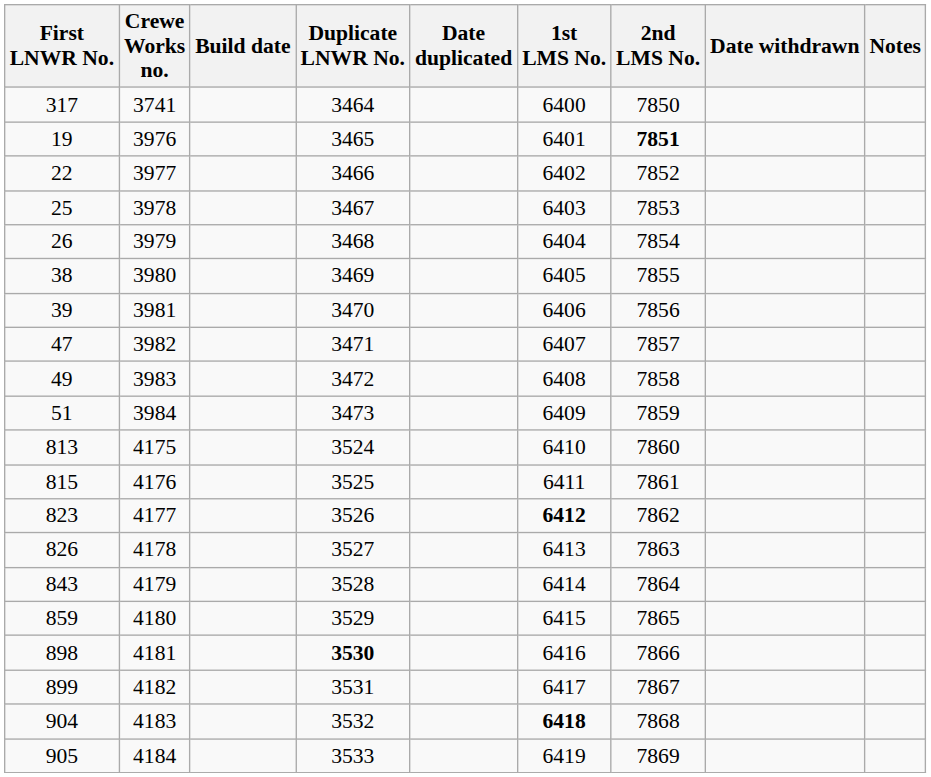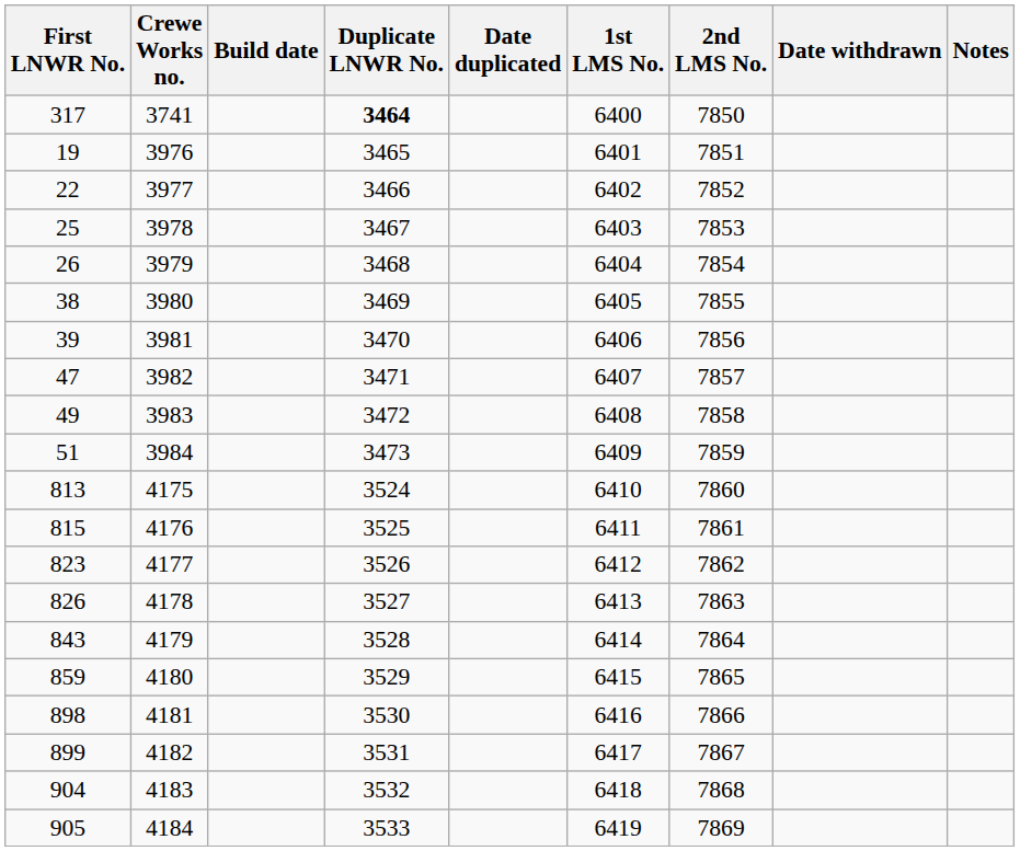 <table class="wikitable sortable collapsible uncollapsed" style=text-align:center;>
 <tr>
 <th>First<br>LNWR No.</th>
 <th>Crewe<br>Works<br>no.</th>
 <th>Build date</th>
 <th>Duplicate<br>LNWR No.</th>
 <th>Date<br>duplicated</th>
 <th>1st<br>LMS No.</th>
 <th>2nd<br>LMS No.</th>
 <th>Date withdrawn</th>
 <th>Notes</th>
 </tr>
 <tr>
 <td>317</td>
 <td>3741</td>
 <td></td>
-<td>3464</td>
+<td><strong>3464</strong></td>
 <td></td>
 <td>6400</td>
 <td>7850</td>
 <td></td>
 <td></td>
 </tr>
 <tr>
 <td>19</td>
 <td>3976</td>
 <td></td>
 <td>3465</td>
 <td></td>
 <td>6401</td>
-<td><strong>7851</strong></td>
+<td>7851</td>
 <td></td>
 <td></td>
 </tr>
 <tr>
 <td>22</td>
 <td>3977</td>
 <td></td>
 <td>3466</td>
 <td></td>
 <td>6402</td>
 <td>7852</td>
 <td></td>
 <td></td>
 </tr>
 <tr>
 <td>25</td>
 <td>3978</td>
 <td></td>
 <td>3467</td>
 <td></td>
 <td>6403</td>
 <td>7853</td>
 <td></td>
 <td></td>
 </tr>
 <tr>
 <td>26</td>
 <td>3979</td>
 <td></td>
 <td>3468</td>
 <td></td>
 <td>6404</td>
 <td>7854</td>
 <td></td>
 <td></td>
 </tr>
 <tr>
 <td>38</td>
 <td>3980</td>
 <td></td>
 <td>3469</td>
 <td></td>
 <td>6405</td>
 <td>7855</td>
 <td></td>
 <td></td>
 </tr>
 <tr>
 <td>39</td>
 <td>3981</td>
 <td></td>
 <td>3470</td>
 <td></td>
 <td>6406</td>
 <td>7856</td>
 <td></td>
 <td></td>
 </tr>
 <tr>
 <td>47</td>
 <td>3982</td>
 <td></td>
 <td>3471</td>
 <td></td>
 <td>6407</td>
 <td>7857</td>
 <td></td>
 <td></td>
 </tr>
 <tr>
 <td>49</td>
 <td>3983</td>
 <td></td>
 <td>3472</td>
 <td></td>
 <td>6408</td>
 <td>7858</td>
 <td></td>
 <td></td>
 </tr>
 <tr>
 <td>51</td>
 <td>3984</td>
 <td></td>
 <td>3473</td>
 <td></td>
 <td>6409</td>
 <td>7859</td>
 <td></td>
 <td></td>
 </tr>
 <tr>
 <td>813</td>
 <td>4175</td>
 <td></td>
 <td>3524</td>
 <td></td>
 <td>6410</td>
 <td>7860</td>
 <td></td>
 <td></td>
 </tr>
 <tr>
 <td>815</td>
 <td>4176</td>
 <td></td>
 <td>3525</td>
 <td></td>
 <td>6411</td>
 <td>7861</td>
 <td></td>
 <td></td>
 </tr>
 <tr>
 <td>823</td>
 <td>4177</td>
 <td></td>
 <td>3526</td>
 <td></td>
-<td><strong>6412</strong></td>
+<td>6412</td>
 <td>7862</td>
 <td></td>
 <td></td>
 </tr>
 <tr>
 <td>826</td>
 <td>4178</td>
 <td></td>
 <td>3527</td>
 <td></td>
 <td>6413</td>
 <td>7863</td>
 <td></td>
 <td></td>
 </tr>
 <tr>
 <td>843</td>
 <td>4179</td>
 <td></td>
 <td>3528</td>
 <td></td>
 <td>6414</td>
 <td>7864</td>
 <td></td>
 <td></td>
 </tr>
 <tr>
 <td>859</td>
 <td>4180</td>
 <td></td>
 <td>3529</td>
 <td></td>
 <td>6415</td>
 <td>7865</td>
 <td></td>
 <td></td>
 </tr>
 <tr>
 <td>898</td>
 <td>4181</td>
 <td></td>
-<td><strong>3530</strong></td>
+<td>3530</td>
 <td></td>
 <td>6416</td>
 <td>7866</td>
 <td></td>
 <td></td>
 </tr>
 <tr>
 <td>899</td>
 <td>4182</td>
 <td></td>
 <td>3531</td>
 <td></td>
 <td>6417</td>
 <td>7867</td>
 <td></td>
 <td></td>
 </tr>
 <tr>
 <td>904</td>
 <td>4183</td>
 <td></td>
 <td>3532</td>
 <td></td>
-<td><strong>6418</strong></td>
+<td>6418</td>
 <td>7868</td>
 <td></td>
 <td></td>
 </tr>
 <tr>
 <td>905</td>
 <td>4184</td>
 <td></td>
 <td>3533</td>
 <td></td>
 <td>6419</td>
 <td>7869</td>
 <td></td>
 <td></td>
 </tr>
 <tr>
 </tr>
 </table>
